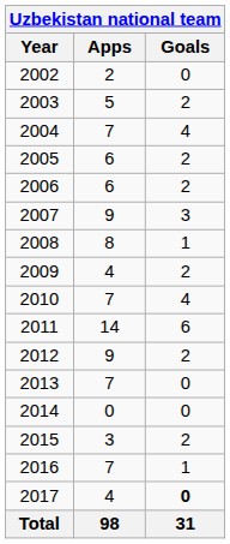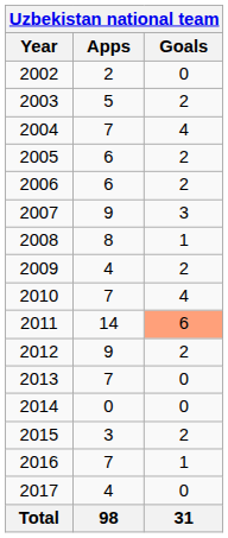 <table class="wikitable" style="text-align:center">
 <tr>
 <th colspan=3><a href='#'>Uzbekistan national team</a></th>
 </tr>
 <tr>
 <th>Year</th>
 <th>Apps</th>
 <th>Goals</th>
 </tr>
 <tr>
 <td>2002</td>
 <td>2</td>
 <td>0</td>
 </tr>
 <tr>
 <td>2003</td>
 <td>5</td>
 <td>2</td>
 </tr>
 <tr>
 <td>2004</td>
 <td>7</td>
 <td>4</td>
 </tr>
 <tr>
 <td>2005</td>
 <td>6</td>
 <td>2</td>
 </tr>
 <tr>
 <td>2006</td>
 <td>6</td>
 <td>2</td>
 </tr>
 <tr>
 <td>2007</td>
 <td>9</td>
 <td>3</td>
 </tr>
 <tr>
 <td>2008</td>
 <td>8</td>
 <td>1</td>
 </tr>
 <tr>
 <td>2009</td>
 <td>4</td>
 <td>2</td>
 </tr>
 <tr>
 <td>2010</td>
 <td>7</td>
 <td>4</td>
 </tr>
 <tr>
 <td>2011</td>
 <td>14</td>
-<td>6</td>
+<td style="background: lightsalmon;">6</td>
 </tr>
 <tr>
 <td>2012</td>
 <td>9</td>
 <td>2</td>
 </tr>
 <tr>
 <td>2013</td>
 <td>7</td>
 <td>0</td>
 </tr>
 <tr>
 <td>2014</td>
 <td>0</td>
 <td>0</td>
 </tr>
 <tr>
 <td>2015</td>
 <td>3</td>
 <td>2</td>
 </tr>
 <tr>
 <td>2016</td>
 <td>7</td>
 <td>1</td>
 </tr>
 <tr>
 <td>2017</td>
 <td>4</td>
-<td><strong>0</strong></td>
+<td>0</td>
 </tr>
 <tr>
 <th>Total</th>
 <th>98</th>
 <th>31</th>
 </tr>
 </table>
